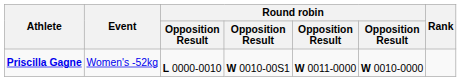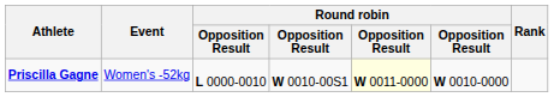 <table class= wikitable style="font-size:90%">
 <tr>
 <th rowspan="2">Athlete</th>
 <th rowspan="2">Event</th>
 <th colspan="4">Round robin</th>
 <th rowspan="2">Rank</th>
 </tr>
 <tr>
 <th>Opposition<br>Result</th>
 <th>Opposition<br>Result</th>
 <th>Opposition<br>Result</th>
 <th>Opposition<br>Result</th>
 </tr>
 <tr>
 <td><strong><a href='#'>Priscilla Gagne</a></strong></td>
 <td style="text-align:center;"><a href='#'>Women's -52kg</a></td>
 <td style="text-align:center;"><br><strong>L</strong> 0000-0010</td>
 <td style="text-align:center;"><br><strong>W</strong> 0010-00S1</td>
-<td style="text-align:center;"><br><strong>W</strong> 0011-0000</td>
+<td style="background: lightyellow; text-align:center;"><br><strong>W</strong> 0011-0000</td>
 <td style="text-align:center;"><br><strong>W</strong> 0010-0000</td>
 <td style="text-align:center;"></td>
 </tr>
 </table>
